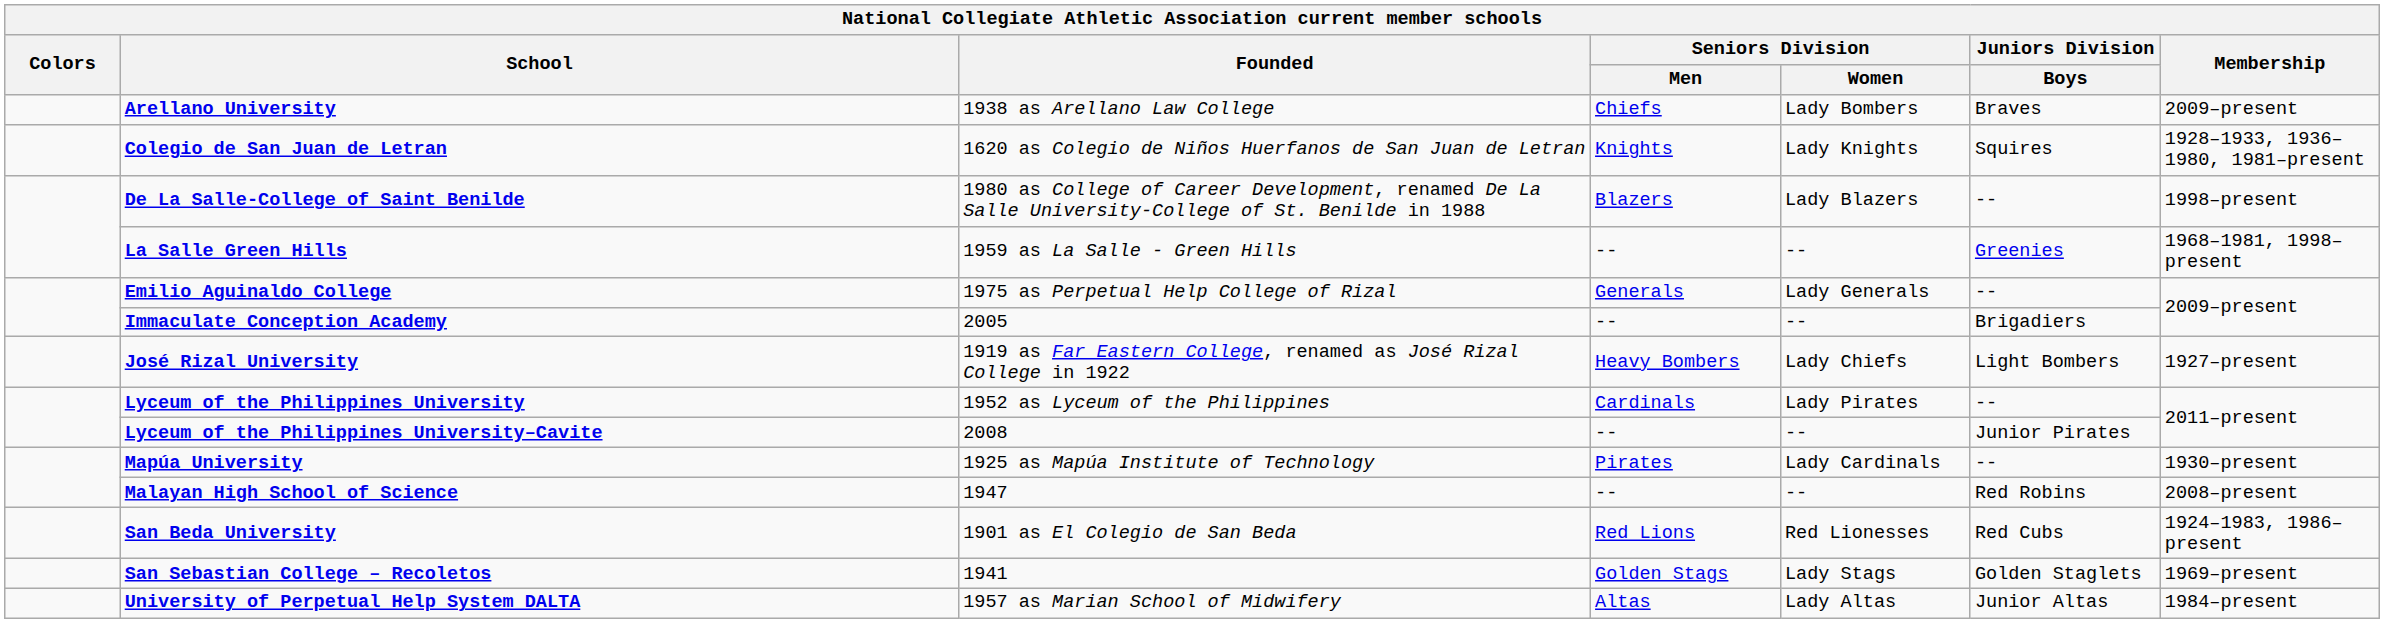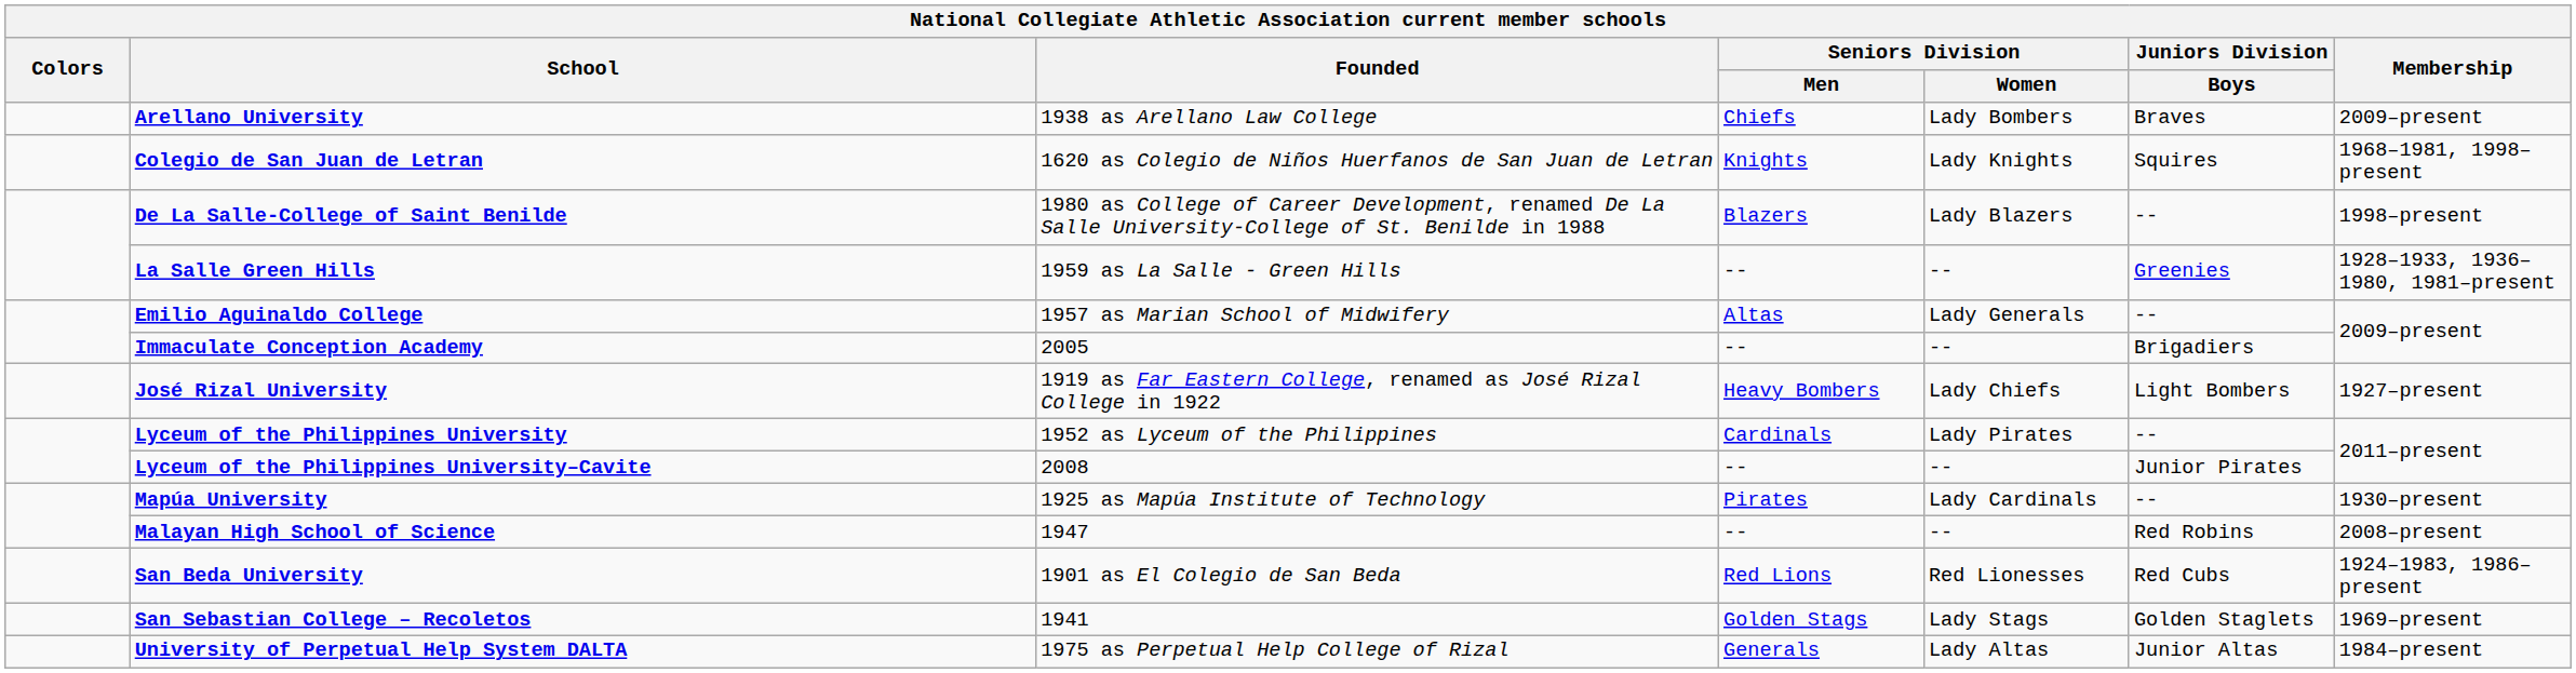 <table class="wikitable" style="width:100%;; text-align:left; font-size:95%">
 <tr>
 <th colspan=14>National Collegiate Athletic Association current member schools</th>
 </tr>
 <tr>
 <th rowspan="2"  style="width:50px;">Colors</th>
 <th rowspan="2"  style="width:400px;">School</th>
 <th rowspan="2"  style="width:300px;">Founded</th>
 <th colspan="2"  style="width:300px;">Seniors Division</th>
 <th colspan="1"  style="width:300px;">Juniors Division</th>
 <th rowspan="2"  style="width:100px;">Membership</th>
 </tr>
 <tr>
 <th style="width:8%;">Men</th>
 <th style="width:8%;">Women</th>
 <th style="width:8%;">Boys</th>
 </tr>
 <tr>
 <td></td>
 <td><strong><a href='#'>Arellano University</a></strong></td>
 <td>1938 as <em>Arellano Law College</em></td>
 <td><a href='#'>Chiefs</a></td>
 <td>Lady Bombers</td>
 <td>Braves</td>
 <td>2009–present</td>
 </tr>
 <tr>
 <td></td>
 <td><strong><a href='#'>Colegio de San Juan de Letran</a></strong></td>
 <td>1620 as <em>Colegio de Niños Huerfanos de San Juan de Letran</em></td>
 <td><a href='#'>Knights</a></td>
 <td>Lady Knights</td>
 <td>Squires</td>
-<td>1928–1933, 1936–1980, 1981–present</td>
+<td>1968–1981, 1998–present</td>
 </tr>
 <tr>
 <td rowspan=2></td>
 <td><strong><a href='#'>De La Salle-College of Saint Benilde</a></strong></td>
 <td>1980 as <em>College of Career Development</em>, renamed <em>De La Salle University-College of St. Benilde</em> in 1988</td>
 <td><a href='#'>Blazers</a></td>
 <td>Lady Blazers</td>
 <td>--</td>
 <td>1998–present</td>
 </tr>
 <tr>
 <td><strong><a href='#'>La Salle Green Hills</a></strong></td>
 <td>1959 as <em>La Salle - Green Hills</em></td>
 <td>--</td>
 <td>--</td>
 <td><a href='#'>Greenies</a></td>
-<td>1968–1981, 1998–present</td>
+<td>1928–1933, 1936–1980, 1981–present</td>
 </tr>
 <tr>
 <td rowspan=2></td>
 <td><strong><a href='#'>Emilio Aguinaldo College</a></strong></td>
-<td>1975 as <em>Perpetual Help College of Rizal</em></td>
-<td><a href='#'>Generals</a></td>
+<td>1957 as <em>Marian School of Midwifery</em></td>
+<td><a href='#'>Altas</a></td>
 <td>Lady Generals</td>
 <td>--</td>
 <td rowspan=2>2009–present</td>
 </tr>
 <tr>
 <td><strong><a href='#'>Immaculate Conception Academy</a></strong></td>
 <td>2005</td>
 <td>--</td>
 <td>--</td>
 <td>Brigadiers</td>
 </tr>
 <tr>
 <td></td>
 <td><strong><a href='#'>José Rizal University</a></strong></td>
 <td>1919 as <em><a href='#'>Far Eastern College</a></em>, renamed as <em>José Rizal College</em> in 1922</td>
 <td><a href='#'>Heavy Bombers</a></td>
 <td>Lady Chiefs</td>
 <td>Light Bombers</td>
 <td>1927–present</td>
 </tr>
 <tr>
 <td rowspan=2></td>
 <td><strong><a href='#'>Lyceum of the Philippines University</a></strong></td>
 <td>1952 as <em>Lyceum of the Philippines</em></td>
 <td><a href='#'>Cardinals</a></td>
 <td>Lady Pirates</td>
 <td>--</td>
 <td rowspan=2>2011–present</td>
 </tr>
 <tr>
 <td><strong><a href='#'>Lyceum of the Philippines University–Cavite</a></strong></td>
 <td>2008</td>
 <td>--</td>
 <td>--</td>
 <td>Junior Pirates</td>
 </tr>
 <tr>
 <td rowspan=2></td>
 <td><strong><a href='#'>Mapúa University</a></strong></td>
 <td>1925 as <em>Mapúa Institute of Technology</em></td>
 <td><a href='#'>Pirates</a></td>
 <td>Lady Cardinals</td>
 <td>--</td>
 <td>1930–present</td>
 </tr>
 <tr>
 <td><strong><a href='#'>Malayan High School of Science</a></strong></td>
 <td>1947</td>
 <td>--</td>
 <td>--</td>
 <td>Red Robins</td>
 <td>2008–present</td>
 </tr>
 <tr>
 <td></td>
 <td><strong><a href='#'>San Beda University</a></strong></td>
 <td>1901 as <em>El Colegio de San Beda</em></td>
 <td><a href='#'>Red Lions</a></td>
 <td>Red Lionesses</td>
 <td>Red Cubs</td>
 <td>1924–1983, 1986–present</td>
 </tr>
 <tr>
 <td></td>
 <td><strong><a href='#'>San Sebastian College – Recoletos</a></strong></td>
 <td>1941</td>
 <td><a href='#'>Golden Stags</a></td>
 <td>Lady Stags</td>
 <td>Golden Staglets</td>
 <td>1969–present</td>
 </tr>
 <tr>
 <td></td>
 <td><strong><a href='#'>University of Perpetual Help System DALTA</a></strong></td>
-<td>1957 as <em>Marian School of Midwifery</em></td>
-<td><a href='#'>Altas</a></td>
+<td>1975 as <em>Perpetual Help College of Rizal</em></td>
+<td><a href='#'>Generals</a></td>
 <td>Lady Altas</td>
 <td>Junior Altas</td>
 <td>1984–present</td>
 </tr>
 </table>
